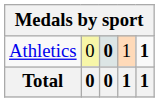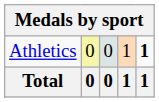 <table class="wikitable" style="font-size:90%; text-align:center;">
 <tr>
 <th colspan="5">Medals by sport</th>
 </tr>
 <tr>
 <td align="left"><a href='#'>Athletics</a></td>
 <td style="background:#F7F6A8;">0</td>
-<td style="background:#DCE5E5;"><strong>0</strong></td>
+<td style="background:#DCE5E5;">0</td>
 <td style="background:#FFDAB9;">1</td>
 <td><strong>1</strong></td>
 </tr>
 <tr class="sortbottom">
 <th>Total</th>
 <th>0</th>
 <th>0</th>
 <th>1</th>
 <th>1</th>
 </tr>
 </table>
